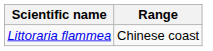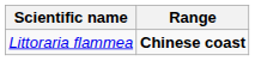 <table class="wikitable">
 <tr>
 <th>Scientific name</th>
 <th>Range</th>
 </tr>
 <tr>
 <td><em><a href='#'>Littoraria flammea</a></em></td>
-<td>Chinese coast</td>
+<td><strong>Chinese coast</strong></td>
 </tr>
 </table>
